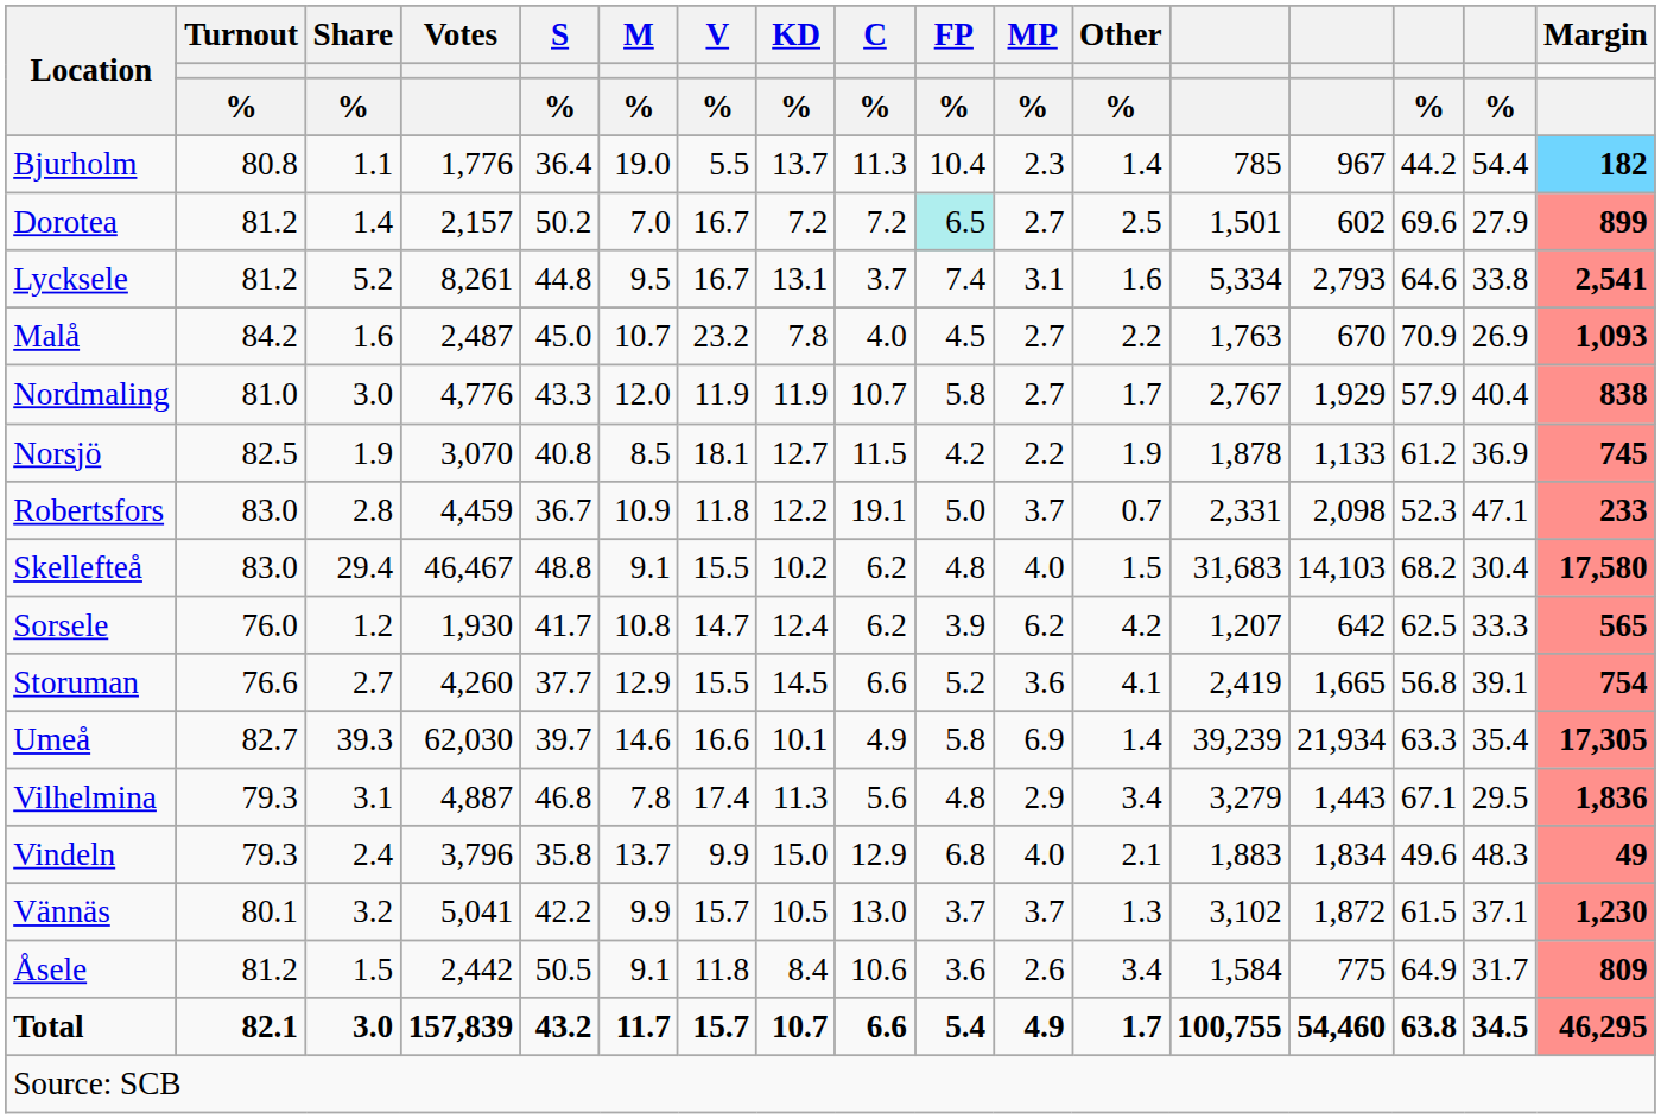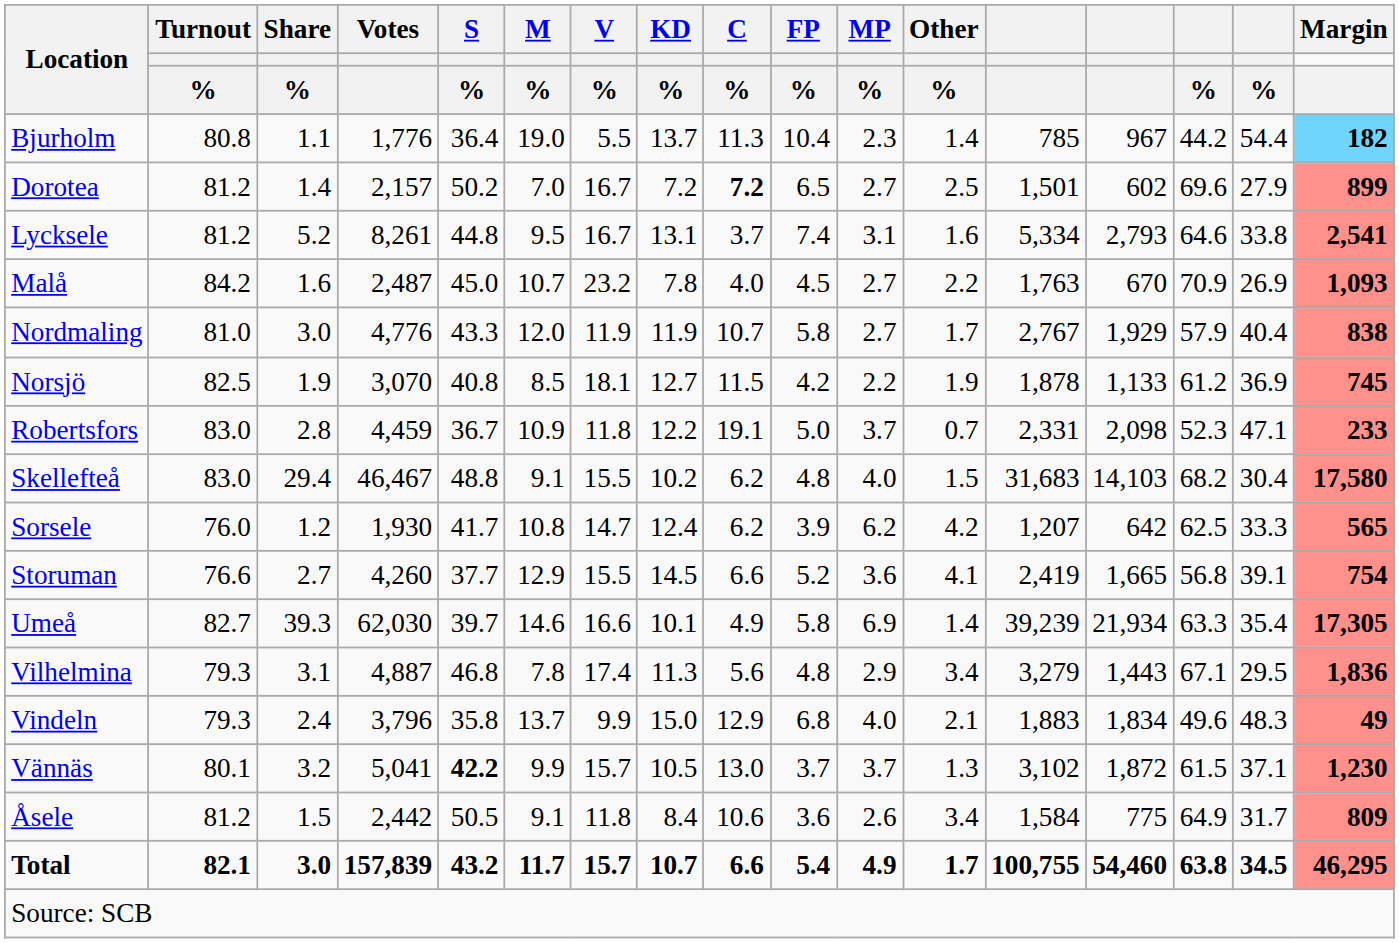 <table class="wikitable sortable" style="text-align:right; font-size:95%; line-height:20px;">
 <tr>
 <th rowspan="3">Location</th>
 <th>Turnout</th>
 <th>Share</th>
 <th>Votes</th>
 <th width="30px" class="unsortable"><a href='#'>S</a></th>
 <th width="30px" class="unsortable"><a href='#'>M</a></th>
 <th width="30px" class="unsortable"><a href='#'>V</a></th>
 <th width="30px" class="unsortable"><a href='#'>KD</a></th>
 <th width="30px" class="unsortable"><a href='#'>C</a></th>
 <th width="30px" class="unsortable"><a href='#'>FP</a></th>
 <th width="30px" class="unsortable"><a href='#'>MP</a></th>
 <th width="30px" class="unsortable">Other</th>
 <th></th>
 <th></th>
 <th></th>
 <th></th>
 <th>Margin</th>
 </tr>
 <tr>
 <th></th>
 <th></th>
 <th></th>
 <th style="background:"></th>
 <th style="background:"></th>
 <th style="background:"></th>
 <th style="background:"></th>
 <th style="background:"></th>
 <th style="background:"></th>
 <th style="background:"></th>
 <th style="background:"></th>
 <th style="background:"></th>
 <th style="background:"></th>
 <th style="background:"></th>
 <th style="background:"></th>
 </tr>
 <tr>
 <th data-sort-type="number">%</th>
 <th data-sort-type="number">%</th>
 <th></th>
 <th data-sort-type="number">%</th>
 <th data-sort-type="number">%</th>
 <th data-sort-type="number">%</th>
 <th data-sort-type="number">%</th>
 <th data-sort-type="number">%</th>
 <th data-sort-type="number">%</th>
 <th data-sort-type="number">%</th>
 <th data-sort-type="number">%</th>
 <th data-sort-type="number"></th>
 <th data-sort-type="number"></th>
 <th data-sort-type="number">%</th>
 <th data-sort-type="number">%</th>
 <th data-sort-type="number"></th>
 </tr>
 <tr>
 <td align=left><a href='#'>Bjurholm</a></td>
 <td>80.8</td>
 <td>1.1</td>
 <td>1,776</td>
 <td>36.4</td>
 <td>19.0</td>
 <td>5.5</td>
 <td>13.7</td>
 <td>11.3</td>
 <td>10.4</td>
 <td>2.3</td>
 <td>1.4</td>
 <td>785</td>
 <td>967</td>
 <td>44.2</td>
 <td>54.4</td>
 <td bgcolor=#6fd5fe><strong>182</strong></td>
 </tr>
 <tr>
 <td align=left><a href='#'>Dorotea</a></td>
 <td>81.2</td>
 <td>1.4</td>
 <td>2,157</td>
 <td>50.2</td>
 <td>7.0</td>
 <td>16.7</td>
 <td>7.2</td>
-<td>7.2</td>
-<td style="background: paleturquoise;">6.5</td>
+<td><strong>7.2</strong></td>
+<td>6.5</td>
 <td>2.7</td>
 <td>2.5</td>
 <td>1,501</td>
 <td>602</td>
 <td>69.6</td>
 <td>27.9</td>
 <td bgcolor=#ff908c><strong>899</strong></td>
 </tr>
 <tr>
 <td align=left><a href='#'>Lycksele</a></td>
 <td>81.2</td>
 <td>5.2</td>
 <td>8,261</td>
 <td>44.8</td>
 <td>9.5</td>
 <td>16.7</td>
 <td>13.1</td>
 <td>3.7</td>
 <td>7.4</td>
 <td>3.1</td>
 <td>1.6</td>
 <td>5,334</td>
 <td>2,793</td>
 <td>64.6</td>
 <td>33.8</td>
 <td bgcolor=#ff908c><strong>2,541</strong></td>
 </tr>
 <tr>
 <td align=left><a href='#'>Malå</a></td>
 <td>84.2</td>
 <td>1.6</td>
 <td>2,487</td>
 <td>45.0</td>
 <td>10.7</td>
 <td>23.2</td>
 <td>7.8</td>
 <td>4.0</td>
 <td>4.5</td>
 <td>2.7</td>
 <td>2.2</td>
 <td>1,763</td>
 <td>670</td>
 <td>70.9</td>
 <td>26.9</td>
 <td bgcolor=#ff908c><strong>1,093</strong></td>
 </tr>
 <tr>
 <td align=left><a href='#'>Nordmaling</a></td>
 <td>81.0</td>
 <td>3.0</td>
 <td>4,776</td>
 <td>43.3</td>
 <td>12.0</td>
 <td>11.9</td>
 <td>11.9</td>
 <td>10.7</td>
 <td>5.8</td>
 <td>2.7</td>
 <td>1.7</td>
 <td>2,767</td>
 <td>1,929</td>
 <td>57.9</td>
 <td>40.4</td>
 <td bgcolor=#ff908c><strong>838</strong></td>
 </tr>
 <tr>
 <td align=left><a href='#'>Norsjö</a></td>
 <td>82.5</td>
 <td>1.9</td>
 <td>3,070</td>
 <td>40.8</td>
 <td>8.5</td>
 <td>18.1</td>
 <td>12.7</td>
 <td>11.5</td>
 <td>4.2</td>
 <td>2.2</td>
 <td>1.9</td>
 <td>1,878</td>
 <td>1,133</td>
 <td>61.2</td>
 <td>36.9</td>
 <td bgcolor=#ff908c><strong>745</strong></td>
 </tr>
 <tr>
 <td align=left><a href='#'>Robertsfors</a></td>
 <td>83.0</td>
 <td>2.8</td>
 <td>4,459</td>
 <td>36.7</td>
 <td>10.9</td>
 <td>11.8</td>
 <td>12.2</td>
 <td>19.1</td>
 <td>5.0</td>
 <td>3.7</td>
 <td>0.7</td>
 <td>2,331</td>
 <td>2,098</td>
 <td>52.3</td>
 <td>47.1</td>
 <td bgcolor=#ff908c><strong>233</strong></td>
 </tr>
 <tr>
 <td align=left><a href='#'>Skellefteå</a></td>
 <td>83.0</td>
 <td>29.4</td>
 <td>46,467</td>
 <td>48.8</td>
 <td>9.1</td>
 <td>15.5</td>
 <td>10.2</td>
 <td>6.2</td>
 <td>4.8</td>
 <td>4.0</td>
 <td>1.5</td>
 <td>31,683</td>
 <td>14,103</td>
 <td>68.2</td>
 <td>30.4</td>
 <td bgcolor=#ff908c><strong>17,580</strong></td>
 </tr>
 <tr>
 <td align=left><a href='#'>Sorsele</a></td>
 <td>76.0</td>
 <td>1.2</td>
 <td>1,930</td>
 <td>41.7</td>
 <td>10.8</td>
 <td>14.7</td>
 <td>12.4</td>
 <td>6.2</td>
 <td>3.9</td>
 <td>6.2</td>
 <td>4.2</td>
 <td>1,207</td>
 <td>642</td>
 <td>62.5</td>
 <td>33.3</td>
 <td bgcolor=#ff908c><strong>565</strong></td>
 </tr>
 <tr>
 <td align=left><a href='#'>Storuman</a></td>
 <td>76.6</td>
 <td>2.7</td>
 <td>4,260</td>
 <td>37.7</td>
 <td>12.9</td>
 <td>15.5</td>
 <td>14.5</td>
 <td>6.6</td>
 <td>5.2</td>
 <td>3.6</td>
 <td>4.1</td>
 <td>2,419</td>
 <td>1,665</td>
 <td>56.8</td>
 <td>39.1</td>
 <td bgcolor=#ff908c><strong>754</strong></td>
 </tr>
 <tr>
 <td align=left><a href='#'>Umeå</a></td>
 <td>82.7</td>
 <td>39.3</td>
 <td>62,030</td>
 <td>39.7</td>
 <td>14.6</td>
 <td>16.6</td>
 <td>10.1</td>
 <td>4.9</td>
 <td>5.8</td>
 <td>6.9</td>
 <td>1.4</td>
 <td>39,239</td>
 <td>21,934</td>
 <td>63.3</td>
 <td>35.4</td>
 <td bgcolor=#ff908c><strong>17,305</strong></td>
 </tr>
 <tr>
 <td align=left><a href='#'>Vilhelmina</a></td>
 <td>79.3</td>
 <td>3.1</td>
 <td>4,887</td>
 <td>46.8</td>
 <td>7.8</td>
 <td>17.4</td>
 <td>11.3</td>
 <td>5.6</td>
 <td>4.8</td>
 <td>2.9</td>
 <td>3.4</td>
 <td>3,279</td>
 <td>1,443</td>
 <td>67.1</td>
 <td>29.5</td>
 <td bgcolor=#ff908c><strong>1,836</strong></td>
 </tr>
 <tr>
 <td align=left><a href='#'>Vindeln</a></td>
 <td>79.3</td>
 <td>2.4</td>
 <td>3,796</td>
 <td>35.8</td>
 <td>13.7</td>
 <td>9.9</td>
 <td>15.0</td>
 <td>12.9</td>
 <td>6.8</td>
 <td>4.0</td>
 <td>2.1</td>
 <td>1,883</td>
 <td>1,834</td>
 <td>49.6</td>
 <td>48.3</td>
 <td bgcolor=#ff908c><strong>49</strong></td>
 </tr>
 <tr>
 <td align=left><a href='#'>Vännäs</a></td>
 <td>80.1</td>
 <td>3.2</td>
 <td>5,041</td>
-<td>42.2</td>
+<td><strong>42.2</strong></td>
 <td>9.9</td>
 <td>15.7</td>
 <td>10.5</td>
 <td>13.0</td>
 <td>3.7</td>
 <td>3.7</td>
 <td>1.3</td>
 <td>3,102</td>
 <td>1,872</td>
 <td>61.5</td>
 <td>37.1</td>
 <td bgcolor=#ff908c><strong>1,230</strong></td>
 </tr>
 <tr>
 <td align=left><a href='#'>Åsele</a></td>
 <td>81.2</td>
 <td>1.5</td>
 <td>2,442</td>
 <td>50.5</td>
 <td>9.1</td>
 <td>11.8</td>
 <td>8.4</td>
 <td>10.6</td>
 <td>3.6</td>
 <td>2.6</td>
 <td>3.4</td>
 <td>1,584</td>
 <td>775</td>
 <td>64.9</td>
 <td>31.7</td>
 <td bgcolor=#ff908c><strong>809</strong></td>
 </tr>
 <tr>
 <td align=left><strong>Total</strong></td>
 <td><strong>82.1</strong></td>
 <td><strong>3.0</strong></td>
 <td><strong>157,839</strong></td>
 <td><strong>43.2</strong></td>
 <td><strong>11.7</strong></td>
 <td><strong>15.7</strong></td>
 <td><strong>10.7</strong></td>
 <td><strong>6.6</strong></td>
 <td><strong>5.4</strong></td>
 <td><strong>4.9</strong></td>
 <td><strong>1.7</strong></td>
 <td><strong>100,755</strong></td>
 <td><strong>54,460</strong></td>
 <td><strong>63.8</strong></td>
 <td><strong>34.5</strong></td>
 <td bgcolor=#ff908c><strong>46,295</strong></td>
 </tr>
 <tr>
 <td align=left colspan=17>Source: SCB </td>
 </tr>
 </table>
